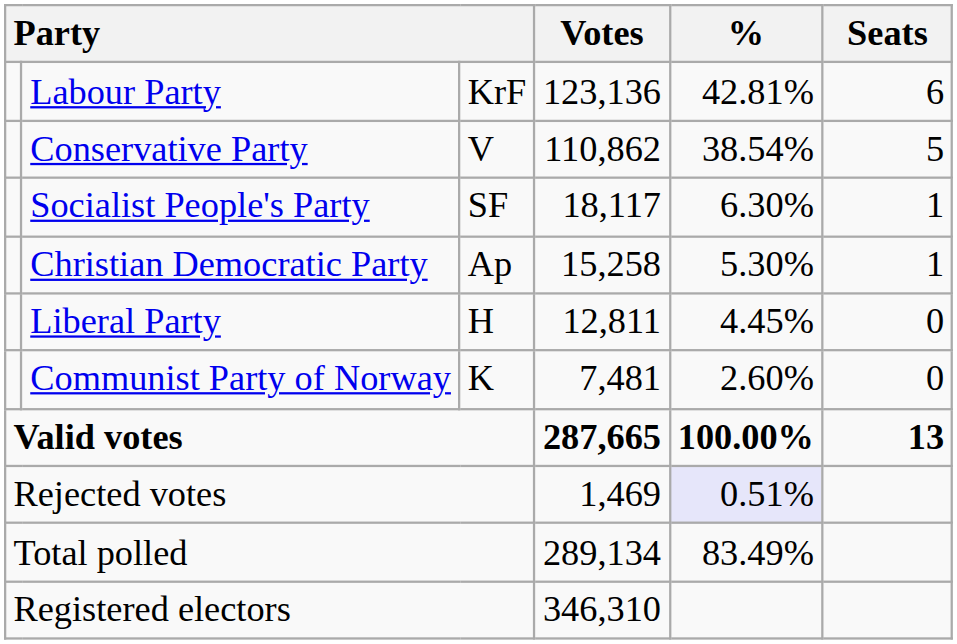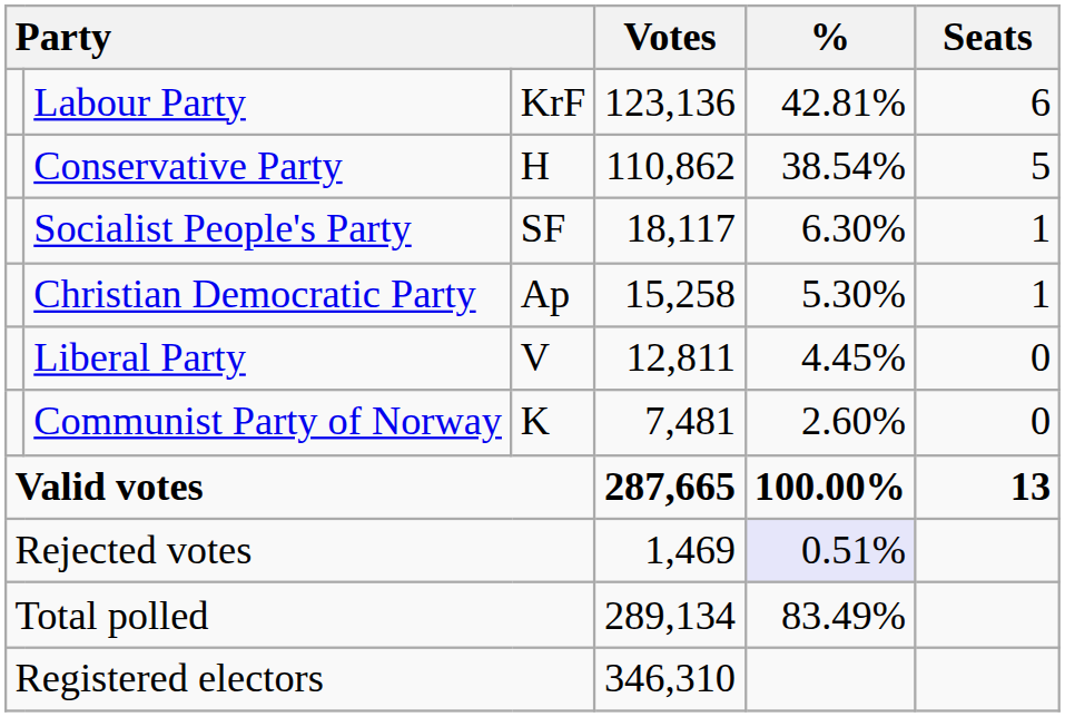 <table class="wikitable" border="1" style="text-align:right;">
 <tr>
 <th style="text-align:left;" colspan=3>Party</th>
 <th align=center width="50">Votes</th>
 <th align=center width="50">%</th>
 <th align=center width="50">Seats</th>
 </tr>
 <tr>
 <td style="color:inherit;background:"></td>
 <td align=left><a href='#'>Labour Party</a></td>
 <td align=left>KrF</td>
 <td>123,136</td>
 <td>42.81%</td>
 <td>6</td>
 </tr>
 <tr>
 <td style="color:inherit;background:"></td>
 <td align=left><a href='#'>Conservative Party</a></td>
-<td align=left>V</td>
+<td align=left>H</td>
 <td>110,862</td>
 <td>38.54%</td>
 <td>5</td>
 </tr>
 <tr>
 <td style="color:inherit;background:"></td>
 <td align=left><a href='#'>Socialist People's Party</a></td>
 <td align=left>SF</td>
 <td>18,117</td>
 <td>6.30%</td>
 <td>1</td>
 </tr>
 <tr>
 <td style="color:inherit;background:"></td>
 <td align=left><a href='#'>Christian Democratic Party</a></td>
 <td align=left>Ap</td>
 <td>15,258</td>
 <td>5.30%</td>
 <td>1</td>
 </tr>
 <tr>
 <td style="color:inherit;background:"></td>
 <td align=left><a href='#'>Liberal Party</a></td>
-<td align=left>H</td>
+<td align=left>V</td>
 <td>12,811</td>
 <td>4.45%</td>
 <td>0</td>
 </tr>
 <tr>
 <td style="color:inherit;background:"></td>
 <td align=left><a href='#'>Communist Party of Norway</a></td>
 <td align=left>K</td>
 <td>7,481</td>
 <td>2.60%</td>
 <td>0</td>
 </tr>
 <tr style="font-weight:bold">
 <td align=left colspan=3>Valid votes</td>
 <td>287,665</td>
 <td>100.00%</td>
 <td>13</td>
 </tr>
 <tr>
 <td align=left colspan=3>Rejected votes</td>
 <td>1,469</td>
 <td style="background: lavender;">0.51%</td>
 <td></td>
 </tr>
 <tr>
 <td align=left colspan=3>Total polled</td>
 <td>289,134</td>
 <td>83.49%</td>
 <td></td>
 </tr>
 <tr>
 <td align=left colspan=3>Registered electors</td>
 <td>346,310</td>
 <td></td>
 <td></td>
 </tr>
 </table>
